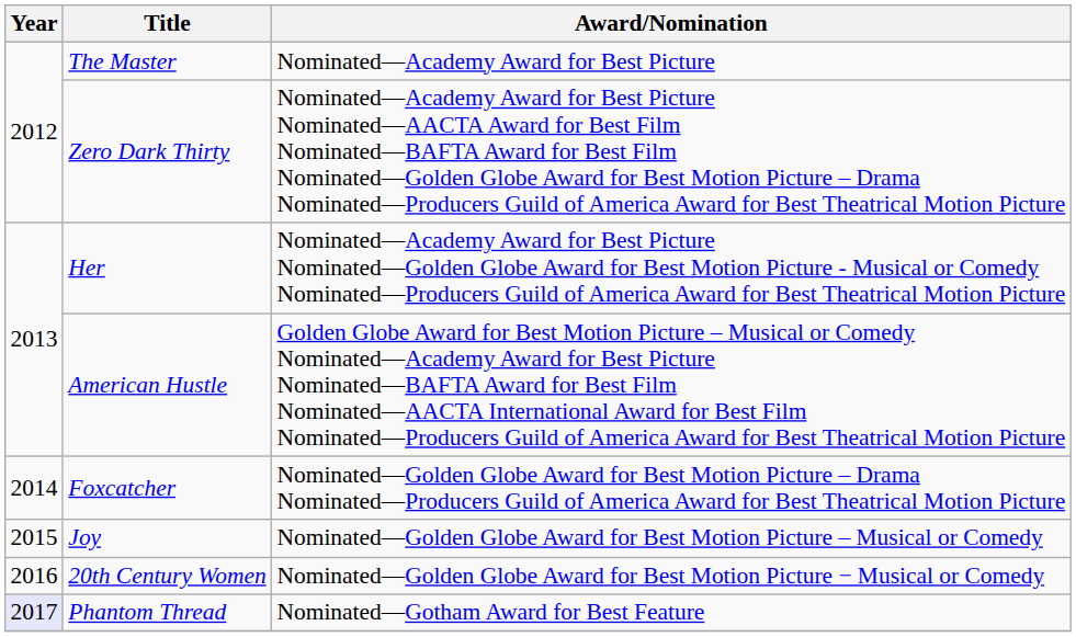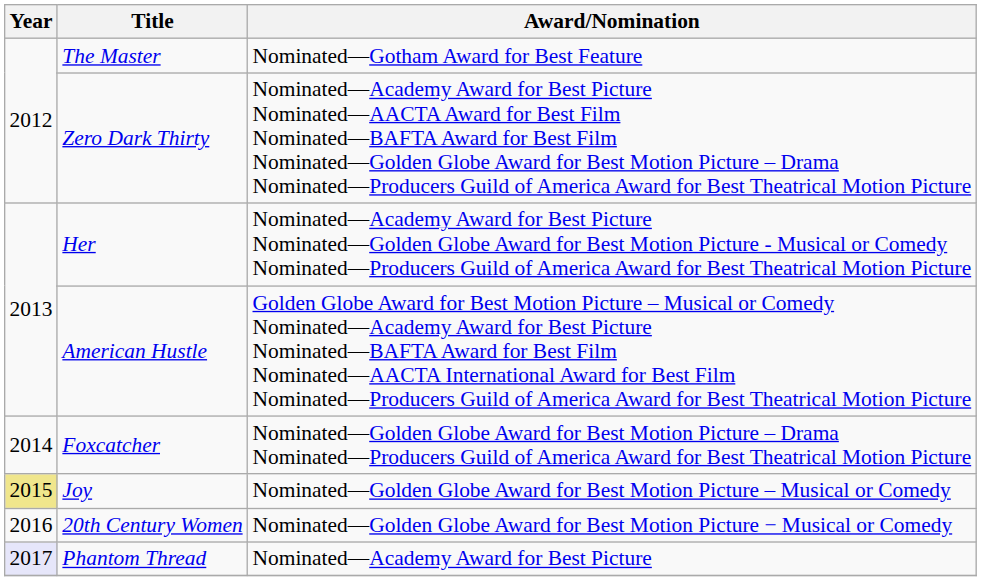 <table class="wikitable">
 <tr>
 <th>Year</th>
 <th>Title</th>
 <th>Award/Nomination</th>
 </tr>
 <tr>
 <td rowspan=2>2012</td>
 <td><em><a href='#'>The Master</a></em></td>
-<td>Nominated—<a href='#'>Academy Award for Best Picture</a></td>
+<td>Nominated—<a href='#'>Gotham Award for Best Feature</a></td>
 </tr>
 <tr>
 <td><em><a href='#'>Zero Dark Thirty</a></em></td>
 <td>Nominated—<a href='#'>Academy Award for Best Picture</a><br>Nominated—<a href='#'>AACTA Award for Best Film</a><br>Nominated—<a href='#'>BAFTA Award for Best Film</a><br>Nominated—<a href='#'>Golden Globe Award for Best Motion Picture – Drama</a> <br>Nominated—<a href='#'>Producers Guild of America Award for Best Theatrical Motion Picture</a></td>
 </tr>
 <tr>
 <td rowspan="2">2013</td>
 <td><em><a href='#'>Her</a></em></td>
 <td>Nominated—<a href='#'>Academy Award for Best Picture</a> <br>Nominated—<a href='#'>Golden Globe Award for Best Motion Picture - Musical or Comedy</a> <br>Nominated—<a href='#'>Producers Guild of America Award for Best Theatrical Motion Picture</a></td>
 </tr>
 <tr>
 <td><em><a href='#'>American Hustle</a></em></td>
 <td><a href='#'>Golden Globe Award for Best Motion Picture – Musical or Comedy</a> <br>Nominated—<a href='#'>Academy Award for Best Picture</a><br>Nominated—<a href='#'>BAFTA Award for Best Film</a><br>Nominated—<a href='#'>AACTA International Award for Best Film</a><br>Nominated—<a href='#'>Producers Guild of America Award for Best Theatrical Motion Picture</a></td>
 </tr>
 <tr>
 <td>2014</td>
 <td><em><a href='#'>Foxcatcher</a></em></td>
 <td>Nominated—<a href='#'>Golden Globe Award for Best Motion Picture – Drama</a><br>Nominated—<a href='#'>Producers Guild of America Award for Best Theatrical Motion Picture</a></td>
 </tr>
 <tr>
-<td>2015</td>
+<td style="background: khaki;">2015</td>
 <td><em><a href='#'>Joy</a></em></td>
 <td>Nominated—<a href='#'>Golden Globe Award for Best Motion Picture – Musical or Comedy</a></td>
 </tr>
 <tr>
 <td>2016</td>
 <td><em><a href='#'>20th Century Women</a></em></td>
 <td>Nominated—<a href='#'>Golden Globe Award for Best Motion Picture − Musical or Comedy</a></td>
 </tr>
 <tr>
 <td style="background: lavender;">2017</td>
 <td><em><a href='#'>Phantom Thread</a></em></td>
-<td>Nominated—<a href='#'>Gotham Award for Best Feature</a></td>
+<td>Nominated—<a href='#'>Academy Award for Best Picture</a></td>
 </tr>
 <tr>
 </tr>
 </table>
